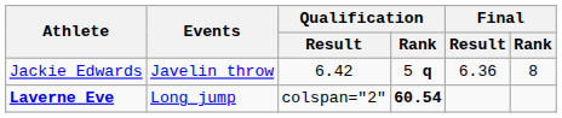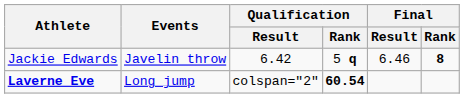 <table class=wikitable style="font-size:90%">
 <tr>
 <th rowspan="2">Athlete</th>
 <th rowspan="2">Events</th>
 <th colspan="2">Qualification</th>
 <th colspan="2">Final</th>
 </tr>
 <tr>
 <th>Result</th>
 <th>Rank</th>
 <th>Result</th>
 <th>Rank</th>
 </tr>
 <tr>
 <td><a href='#'>Jackie Edwards</a></td>
 <td><a href='#'>Javelin throw</a></td>
 <td align="center">6.42</td>
 <td align="center">5 <strong>q</strong></td>
-<td align="center">6.36</td>
-<td align="center">8</td>
+<td align="center">6.46</td>
+<td align="center"><strong>8</strong></td>
 </tr>
 <tr>
 <td><strong><a href='#'>Laverne Eve</a></strong></td>
 <td><a href='#'>Long jump</a></td>
 <td>colspan="2" </td>
 <td align="center"><strong>60.54</strong></td>
 <td align="center"></td>
 </tr>
 </table>
